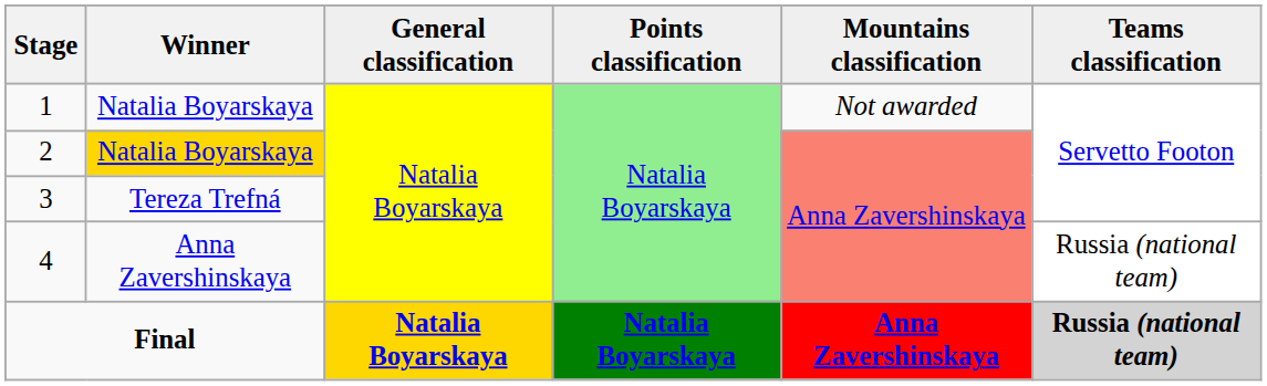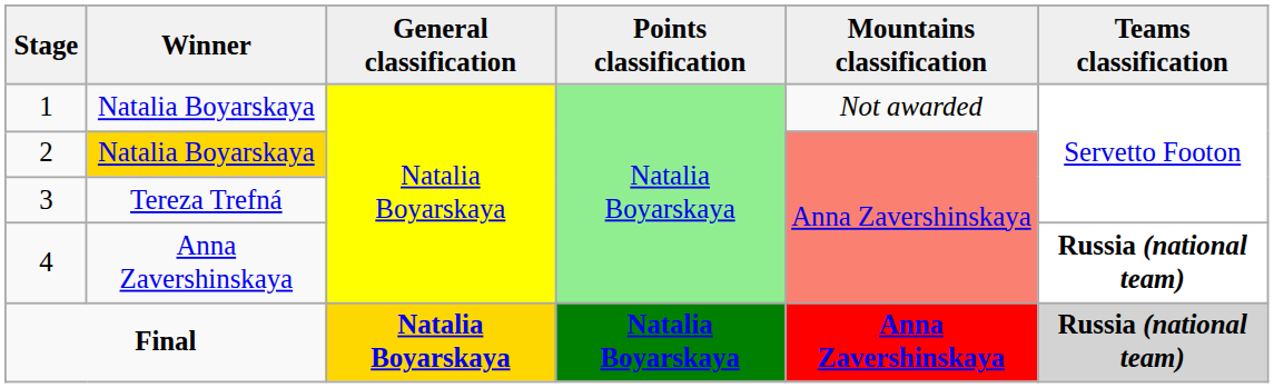 <table class="wikitable" style="text-align: center; font-size:smaller;">
 <tr>
 <th style="width:1%;">Stage</th>
 <th style="width:14%;">Winner</th>
 <th style="background:#efefef; width:14%;">General classification<br></th>
 <th style="background:#efefef; width:14%;">Points classification<br></th>
 <th style="background:#efefef; width:14%;">Mountains classification<br></th>
 <th style="background:#efefef; width:14%;">Teams classification</th>
 </tr>
 <tr>
 <td>1</td>
 <td><a href='#'>Natalia Boyarskaya</a></td>
 <td style="background:yellow;" rowspan="4"><a href='#'>Natalia Boyarskaya</a></td>
 <td style="background:lightgreen" rowspan=4><a href='#'>Natalia Boyarskaya</a></td>
 <td style="background:lightgreyi"><em>Not awarded</em></td>
 <td style="background:white" rowspan=3><a href='#'>Servetto Footon</a></td>
 </tr>
 <tr>
 <td>2</td>
 <td style="background: gold;"><a href='#'>Natalia Boyarskaya</a></td>
 <td style="background:salmon" rowspan=3><a href='#'>Anna Zavershinskaya</a></td>
 </tr>
 <tr>
 <td>3</td>
 <td><a href='#'>Tereza Trefná</a></td>
 </tr>
 <tr>
 <td>4</td>
 <td><a href='#'>Anna Zavershinskaya</a></td>
-<td style="background:white">Russia <em>(national team)</em></td>
+<td style="background:white"><strong>Russia <em>(national team)</em></strong></td>
 </tr>
 <tr>
 <td colspan="2"><strong>Final</strong></td>
 <th style="background:gold"><a href='#'>Natalia Boyarskaya</a></th>
 <th style="background:green"><a href='#'>Natalia Boyarskaya</a></th>
 <th style="background:red"><a href='#'>Anna Zavershinskaya</a></th>
 <th style="background:lightgrey">Russia <em>(national team)</em></th>
 </tr>
 </table>
